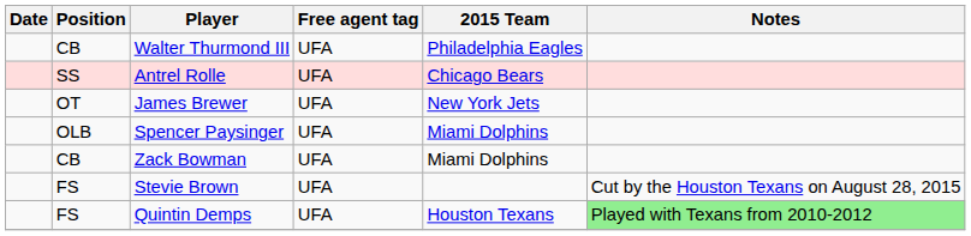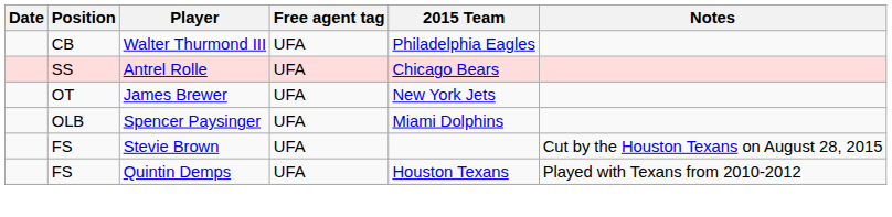 <table class="wikitable sortable" style="font-size: 95%;">
 <tr>
 <th>Date</th>
 <th>Position</th>
 <th>Player</th>
 <th>Free agent tag</th>
 <th>2015 Team</th>
 <th>Notes</th>
 </tr>
 <tr>
 <td></td>
 <td>CB</td>
 <td><a href='#'>Walter Thurmond III</a></td>
 <td>UFA</td>
 <td><a href='#'>Philadelphia Eagles</a></td>
 <td></td>
 </tr>
 <tr style="background:#fdd;">
 <td></td>
 <td>SS</td>
 <td><a href='#'>Antrel Rolle</a></td>
 <td>UFA</td>
 <td><a href='#'>Chicago Bears</a></td>
 <td></td>
 </tr>
 <tr>
 <td></td>
 <td>OT</td>
 <td><a href='#'>James Brewer</a></td>
 <td>UFA</td>
 <td><a href='#'>New York Jets</a></td>
 <td></td>
 </tr>
 <tr>
 <td></td>
 <td>OLB</td>
 <td><a href='#'>Spencer Paysinger</a></td>
 <td>UFA</td>
 <td><a href='#'>Miami Dolphins</a></td>
 <td></td>
 </tr>
 <tr>
 <td></td>
-<td>CB</td>
-<td><a href='#'>Zack Bowman</a></td>
-<td>UFA</td>
-<td>Miami Dolphins</td>
-<td></td>
-</tr>
-<tr>
-<td></td>
 <td>FS</td>
 <td><a href='#'>Stevie Brown</a></td>
 <td>UFA</td>
 <td></td>
 <td>Cut by the <a href='#'>Houston Texans</a> on August 28, 2015</td>
 </tr>
 <tr>
 <td></td>
 <td>FS</td>
 <td><a href='#'>Quintin Demps</a></td>
 <td>UFA</td>
 <td><a href='#'>Houston Texans</a></td>
-<td style="background: lightgreen;">Played with Texans from 2010-2012</td>
+<td>Played with Texans from 2010-2012</td>
 </tr>
 <tr>
 </tr>
 </table>
